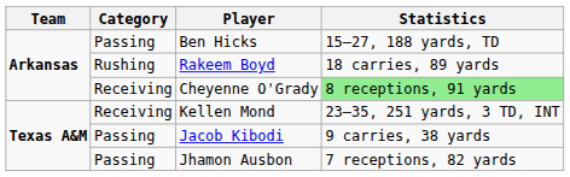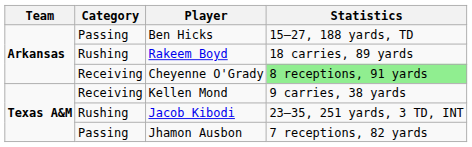 <table class="wikitable" style="float: right;">
 <tr>
 <th>Team</th>
 <th>Category</th>
 <th>Player</th>
 <th>Statistics</th>
 </tr>
 <tr>
 <td rowspan=3><strong>Arkansas</strong></td>
 <td>Passing</td>
 <td>Ben Hicks</td>
 <td>15–27, 188 yards, TD</td>
 </tr>
 <tr>
 <td>Rushing</td>
 <td><a href='#'>Rakeem Boyd</a></td>
 <td>18 carries, 89 yards</td>
 </tr>
 <tr>
 <td>Receiving</td>
 <td>Cheyenne O'Grady</td>
 <td style="background: lightgreen;">8 receptions, 91 yards</td>
 </tr>
 <tr>
 <td rowspan=3><strong>Texas A&M</strong></td>
 <td>Receiving</td>
 <td>Kellen Mond</td>
-<td>23–35, 251 yards, 3 TD, INT</td>
+<td>9 carries, 38 yards</td>
 </tr>
 <tr>
-<td>Passing</td>
+<td>Rushing</td>
 <td><a href='#'>Jacob Kibodi</a></td>
-<td>9 carries, 38 yards</td>
+<td>23–35, 251 yards, 3 TD, INT</td>
 </tr>
 <tr>
 <td>Passing</td>
 <td>Jhamon Ausbon</td>
 <td>7 receptions, 82 yards</td>
 </tr>
 </table>
